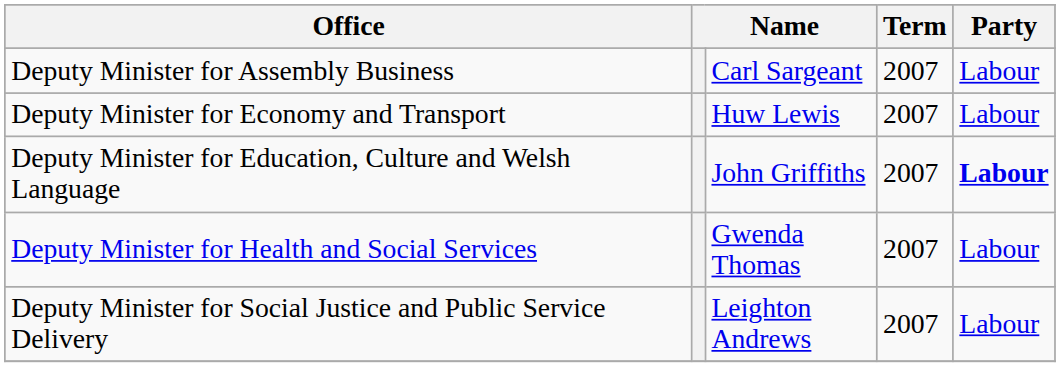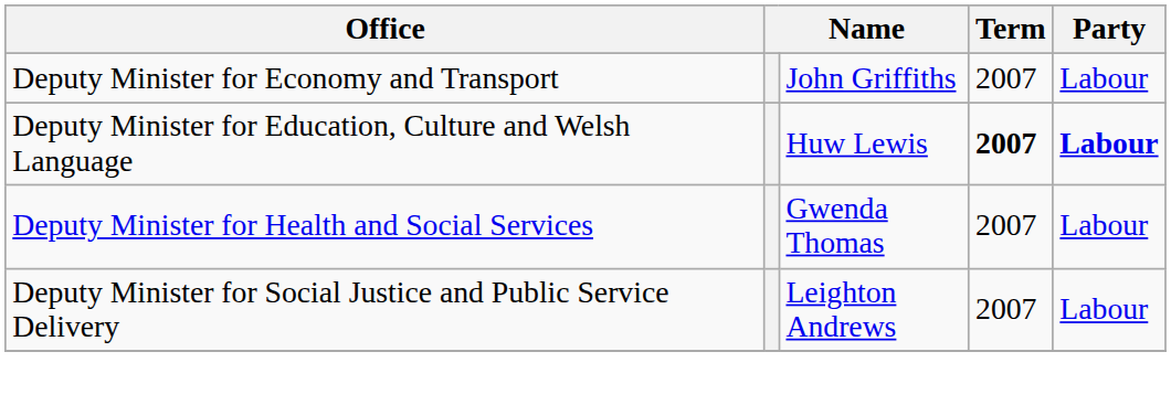 <table class="wikitable">
 <tr>
 <th style="width: 390px">Office</th>
 <th colspan="2">Name</th>
 <th>Term</th>
 <th>Party</th>
 </tr>
 <tr>
-<td>Deputy Minister for Assembly Business</td>
-<th style="background-color: "></th>
-<td><a href='#'>Carl Sargeant</a></td>
-<td>2007</td>
-<td><a href='#'>Labour</a></td>
-</tr>
-<tr>
 <td Minister for the Economy and Transport>Deputy Minister for Economy and Transport</td>
 <th style="background-color: "></th>
-<td><a href='#'>Huw Lewis</a></td>
+<td><a href='#'>John Griffiths</a></td>
 <td>2007</td>
 <td><a href='#'>Labour</a></td>
 </tr>
 <tr>
 <td>Deputy Minister for Education, Culture and Welsh Language</td>
 <th style="background-color: "></th>
-<td><a href='#'>John Griffiths</a></td>
-<td>2007</td>
+<td><a href='#'>Huw Lewis</a></td>
+<td><strong>2007</strong></td>
 <td><strong><a href='#'>Labour</a></strong></td>
 </tr>
 <tr>
 <td><a href='#'>Deputy Minister for Health and Social Services</a></td>
 <th style="background-color: "></th>
 <td><a href='#'>Gwenda Thomas</a></td>
 <td>2007</td>
 <td><a href='#'>Labour</a></td>
 </tr>
 <tr>
 <td>Deputy Minister for Social Justice and Public Service Delivery</td>
 <th style="background-color: "></th>
 <td><a href='#'>Leighton Andrews</a></td>
 <td>2007</td>
 <td><a href='#'>Labour</a></td>
 </tr>
 <tr>
 </tr>
 </table>
